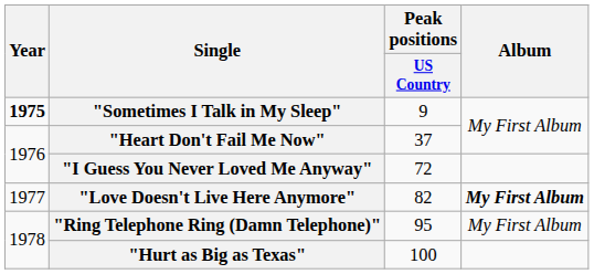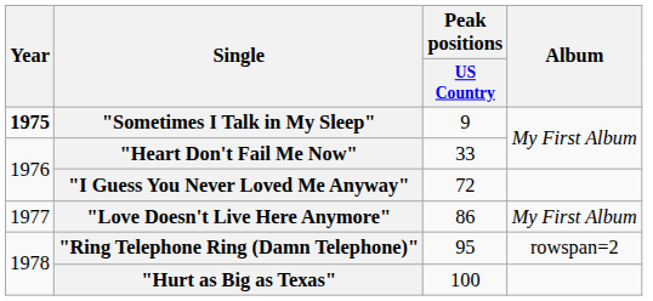 <table class="wikitable plainrowheaders" style="text-align:center;">
 <tr>
 <th rowspan="2">Year</th>
 <th rowspan="2">Single</th>
 <th colspan="1">Peak positions</th>
 <th rowspan="2">Album</th>
 </tr>
 <tr style="font-size:smaller;">
 <th width="45"><a href='#'>US<br> Country</a></th>
 </tr>
 <tr>
 <td><strong>1975</strong></td>
 <th scope="row">"Sometimes I Talk in My Sleep"</th>
 <td>9</td>
 <td rowspan=2><em>My First Album</em></td>
 </tr>
 <tr>
 <td rowspan=2>1976</td>
 <th scope="row">"Heart Don't Fail Me Now"</th>
-<td>37</td>
+<td>33</td>
 </tr>
 <tr>
 <th scope="row">"I Guess You Never Loved Me Anyway"</th>
 <td>72</td>
 <td></td>
 </tr>
 <tr>
 <td>1977</td>
 <th scope="row">"Love Doesn't Live Here Anymore"</th>
-<td>82</td>
-<td><strong><em>My First Album</em></strong></td>
+<td>86</td>
+<td><em>My First Album</em></td>
 </tr>
 <tr>
 <td rowspan=2>1978</td>
 <th scope="row">"Ring Telephone Ring (Damn Telephone)"</th>
 <td>95</td>
-<td><em>My First Album</em></td>
+<td>rowspan=2</td>
 </tr>
 <tr>
 <th scope="row">"Hurt as Big as Texas"</th>
 <td>100</td>
 </tr>
 </table>
